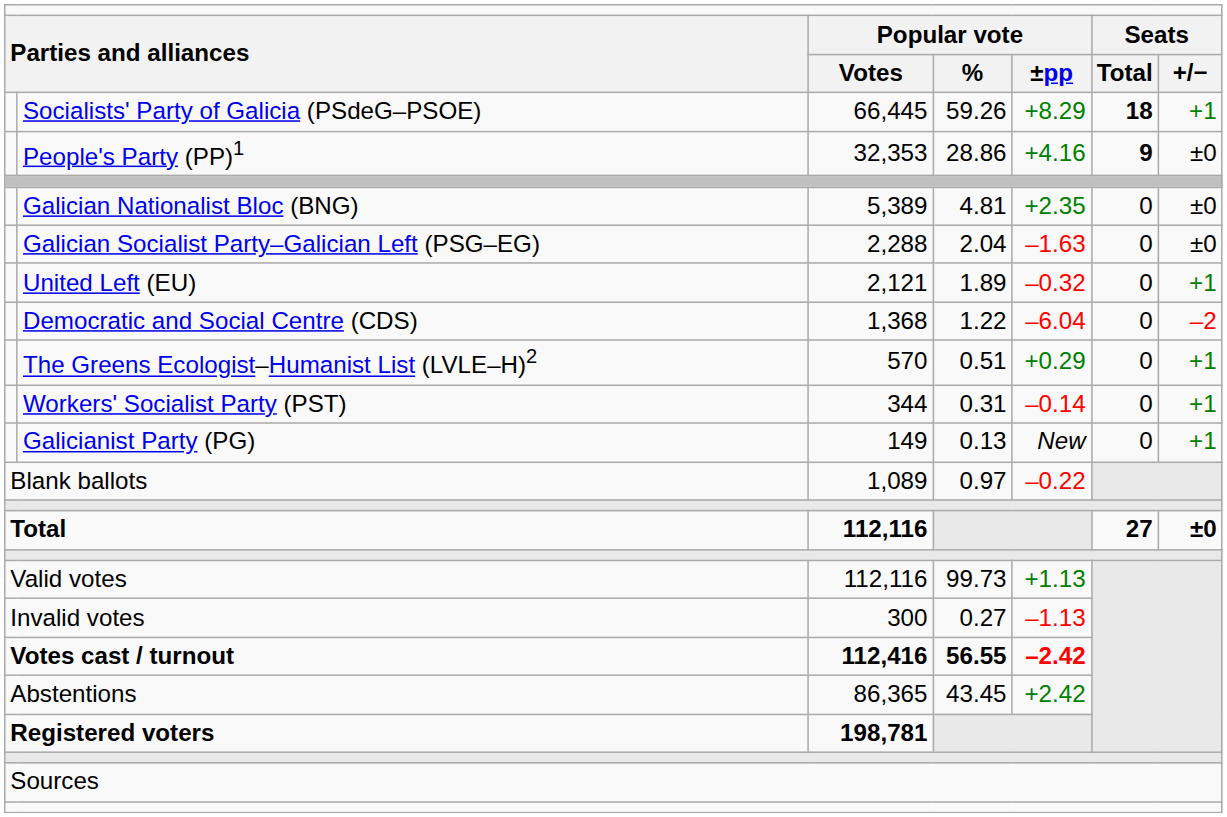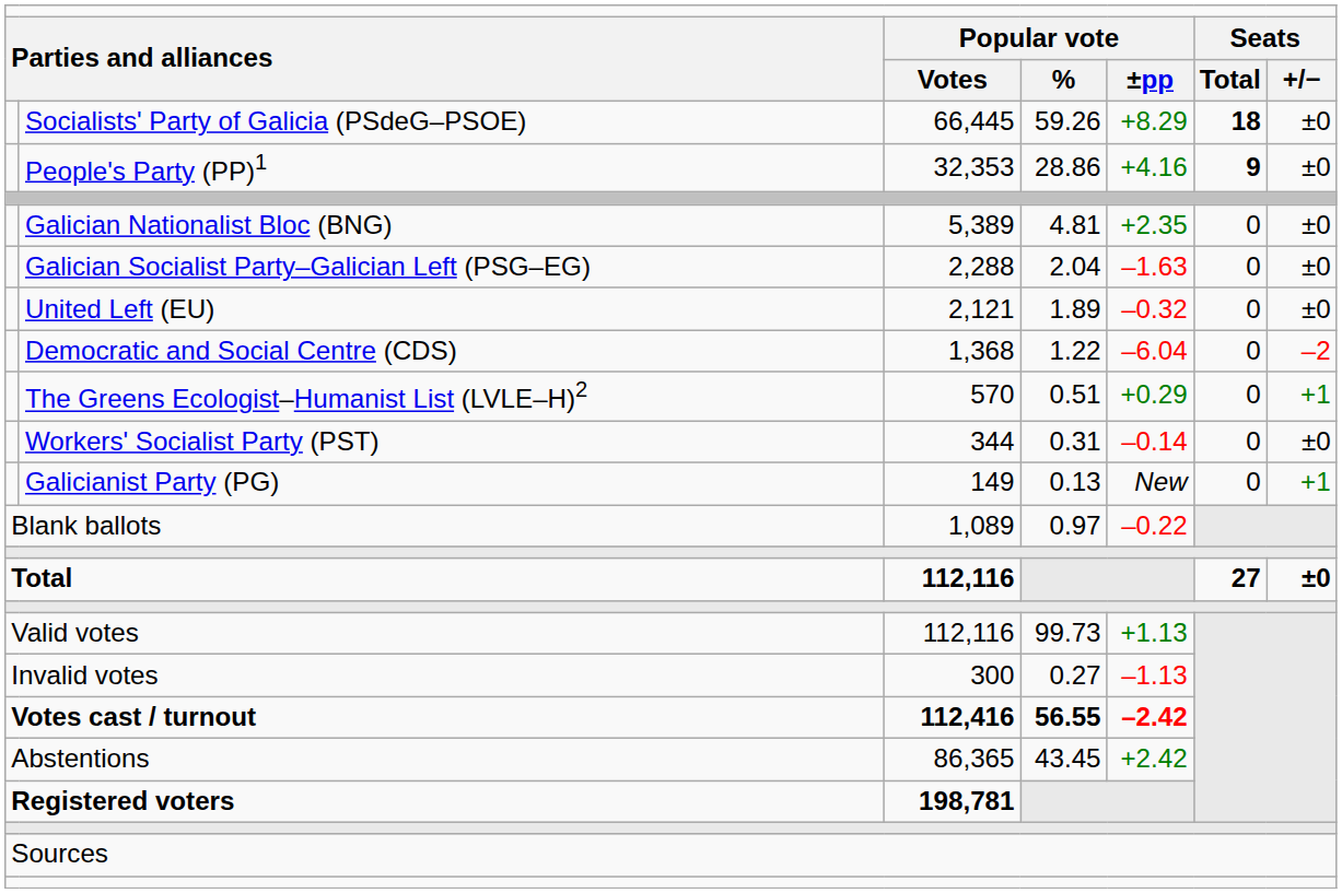 <table class="wikitable" style="text-align:right;">
 <tr>
 <td colspan="7"></td>
 </tr>
 <tr>
 <th style="text-align:left;" rowspan="2" colspan="2" width="525">Parties and alliances</th>
 <th colspan="3">Popular vote</th>
 <th colspan="2">Seats</th>
 </tr>
 <tr>
 <th width="75">Votes</th>
 <th width="45">%</th>
 <th width="45">±<a href='#'>pp</a></th>
 <th width="35">Total</th>
 <th width="35">+/−</th>
 </tr>
 <tr>
 <td width="1" style="color:inherit;background:"></td>
 <td align="left"><a href='#'>Socialists' Party of Galicia</a> (PSdeG–PSOE)</td>
 <td>66,445</td>
 <td>59.26</td>
 <td style="color:green;">+8.29</td>
 <td><strong>18</strong></td>
-<td style="color:green;">+1</td>
+<td>±0</td>
 </tr>
 <tr>
 <td style="color:inherit;background:"></td>
 <td align="left"><a href='#'>People's Party</a> (PP)<sup>1</sup></td>
 <td>32,353</td>
 <td>28.86</td>
 <td style="color:green;">+4.16</td>
 <td><strong>9</strong></td>
 <td>±0</td>
 </tr>
 <tr>
 <td colspan="7" bgcolor="#C0C0C0"></td>
 </tr>
 <tr>
 <td style="color:inherit;background:"></td>
 <td align="left"><a href='#'>Galician Nationalist Bloc</a> (BNG)</td>
 <td>5,389</td>
 <td>4.81</td>
 <td style="color:green;">+2.35</td>
 <td>0</td>
 <td>±0</td>
 </tr>
 <tr>
 <td style="color:inherit;background:"></td>
 <td align="left"><a href='#'>Galician Socialist Party–Galician Left</a> (PSG–EG)</td>
 <td>2,288</td>
 <td>2.04</td>
 <td style="color:red;">–1.63</td>
 <td>0</td>
 <td>±0</td>
 </tr>
 <tr>
 <td style="color:inherit;background:"></td>
 <td align="left"><a href='#'>United Left</a> (EU)</td>
 <td>2,121</td>
 <td>1.89</td>
 <td style="color:red;">–0.32</td>
 <td>0</td>
-<td style="color:green;">+1</td>
+<td>±0</td>
 </tr>
 <tr>
 <td style="color:inherit;background:"></td>
 <td align="left"><a href='#'>Democratic and Social Centre</a> (CDS)</td>
 <td>1,368</td>
 <td>1.22</td>
 <td style="color:red;">–6.04</td>
 <td>0</td>
 <td style="color:red;">–2</td>
 </tr>
 <tr>
 <td style="color:inherit;background:"></td>
 <td align="left"><a href='#'>The Greens Ecologist</a>–<a href='#'>Humanist List</a> (LVLE–H)<sup>2</sup></td>
 <td>570</td>
 <td>0.51</td>
 <td style="color:green;">+0.29</td>
 <td>0</td>
 <td style="color:green;">+1</td>
 </tr>
 <tr>
 <td style="color:inherit;background:"></td>
 <td align="left"><a href='#'>Workers' Socialist Party</a> (PST)</td>
 <td>344</td>
 <td>0.31</td>
 <td style="color:red;">–0.14</td>
 <td>0</td>
-<td style="color:green;">+1</td>
+<td>±0</td>
 </tr>
 <tr>
 <td style="color:inherit;background:"></td>
 <td align="left"><a href='#'>Galicianist Party</a> (PG)</td>
 <td>149</td>
 <td>0.13</td>
 <td><em>New</em></td>
 <td>0</td>
 <td style="color:green;">+1</td>
 </tr>
 <tr>
 <td align="left" colspan="2">Blank ballots</td>
 <td>1,089</td>
 <td>0.97</td>
 <td style="color:red;">–0.22</td>
 <td bgcolor="#E9E9E9" colspan="2"></td>
 </tr>
 <tr>
 <td colspan="7" bgcolor="#E9E9E9"></td>
 </tr>
 <tr style="font-weight:bold;">
 <td align="left" colspan="2">Total</td>
 <td>112,116</td>
 <td bgcolor="#E9E9E9" colspan="2"></td>
 <td>27</td>
 <td>±0</td>
 </tr>
 <tr>
 <td colspan="7" bgcolor="#E9E9E9"></td>
 </tr>
 <tr>
 <td align="left" colspan="2">Valid votes</td>
 <td>112,116</td>
 <td>99.73</td>
 <td style="color:green;">+1.13</td>
 <td bgcolor="#E9E9E9" colspan="2" rowspan="5"></td>
 </tr>
 <tr>
 <td align="left" colspan="2">Invalid votes</td>
 <td>300</td>
 <td>0.27</td>
 <td style="color:red;">–1.13</td>
 </tr>
 <tr style="font-weight:bold;">
 <td align="left" colspan="2">Votes cast / turnout</td>
 <td>112,416</td>
 <td>56.55</td>
 <td style="color:red;">–2.42</td>
 </tr>
 <tr>
 <td align="left" colspan="2">Abstentions</td>
 <td>86,365</td>
 <td>43.45</td>
 <td style="color:green;">+2.42</td>
 </tr>
 <tr style="font-weight:bold;">
 <td align="left" colspan="2">Registered voters</td>
 <td>198,781</td>
 <td bgcolor="#E9E9E9" colspan="2"></td>
 </tr>
 <tr>
 <td colspan="7" bgcolor="#E9E9E9"></td>
 </tr>
 <tr>
 <td align="left" colspan="7">Sources</td>
 </tr>
 <tr>
 <td colspan="7" style="text-align:left; max-width:790px;"></td>
 </tr>
 </table>
